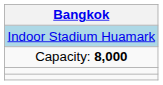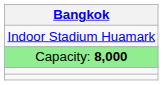 <table class="wikitable" style="text-align:center">
 <tr>
 <th><a href='#'>Bangkok</a></th>
 </tr>
 <tr>
-<td style="background: lightblue;"><a href='#'>Indoor Stadium Huamark</a></td>
+<td><a href='#'>Indoor Stadium Huamark</a></td>
 </tr>
 <tr>
-<td>Capacity: <strong>8,000</strong></td>
+<td style="background: lightgreen;">Capacity: <strong>8,000</strong></td>
 </tr>
 <tr>
 <td></td>
 </tr>
 <tr>
 <td rowspan=2 colspan=3></td>
 </tr>
 </table>
